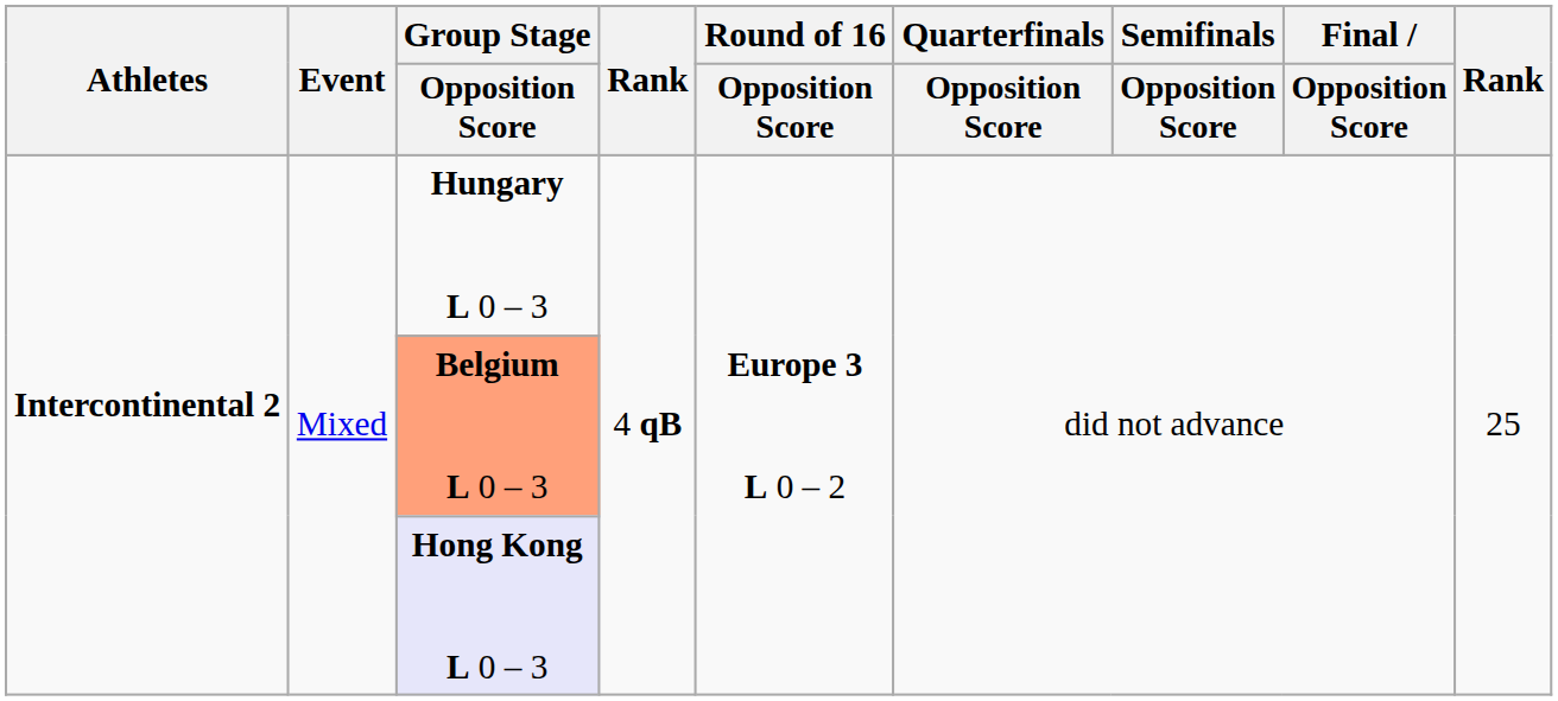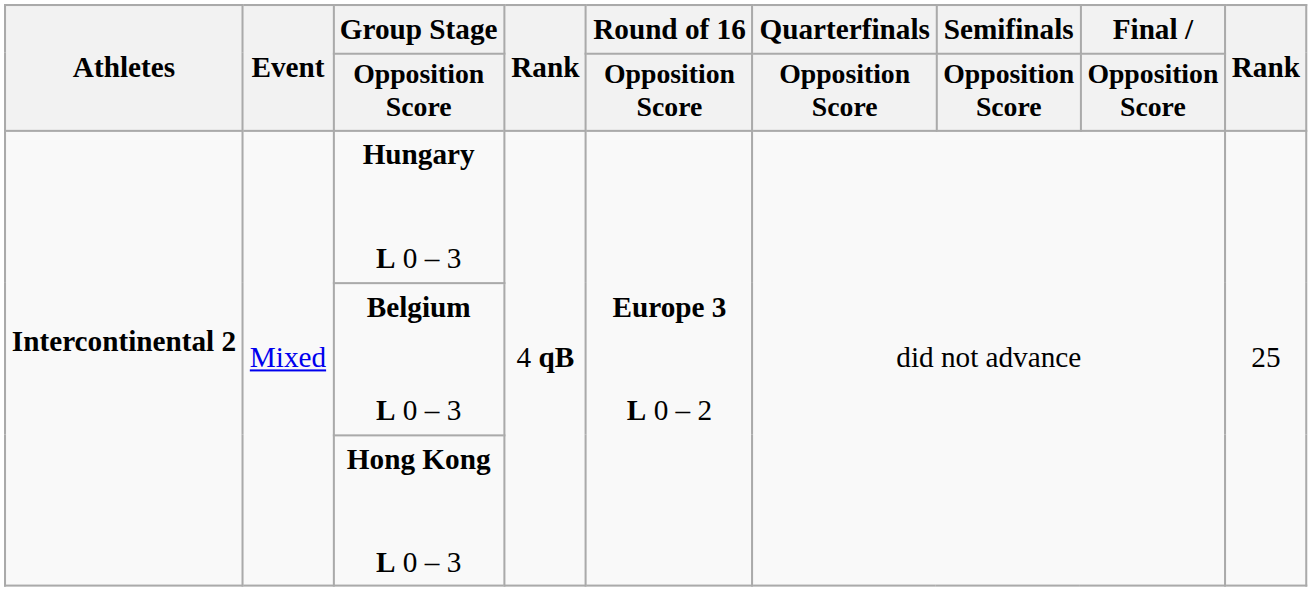 <table class=wikitable style="font-size:90%">
 <tr>
 <th rowspan="2">Athletes</th>
 <th rowspan="2">Event</th>
 <th>Group Stage</th>
 <th rowspan="2">Rank</th>
 <th>Round of 16</th>
 <th>Quarterfinals</th>
 <th>Semifinals</th>
 <th>Final / </th>
 <th rowspan=2>Rank</th>
 </tr>
 <tr style="font-size:95%">
 <th>Opposition<br>Score</th>
 <th>Opposition<br>Score</th>
 <th>Opposition<br>Score</th>
 <th>Opposition<br>Score</th>
 <th>Opposition<br>Score</th>
 </tr>
 <tr align=center>
 <td align=left rowspan=3><strong>Intercontinental 2</strong><br><br></td>
 <td align=left rowspan=3><a href='#'>Mixed</a></td>
 <td><strong>Hungary</strong><br><br><br><strong>L</strong> 0 – 3</td>
 <td rowspan=3>4 <strong>qB</strong></td>
 <td rowspan=3><strong>Europe 3</strong><br><br><br><strong>L</strong> 0 – 2</td>
 <td rowspan=3 colspan=3>did not advance</td>
 <td rowspan=3>25</td>
 </tr>
 <tr align=center>
-<td style="background: lightsalmon;"><strong>Belgium</strong><br><br><br><strong>L</strong> 0 – 3</td>
+<td><strong>Belgium</strong><br><br><br><strong>L</strong> 0 – 3</td>
 </tr>
 <tr align=center>
-<td style="background: lavender;"><strong>Hong Kong</strong><br><br><br><strong>L</strong> 0 – 3</td>
+<td><strong>Hong Kong</strong><br><br><br><strong>L</strong> 0 – 3</td>
 </tr>
 </table>
